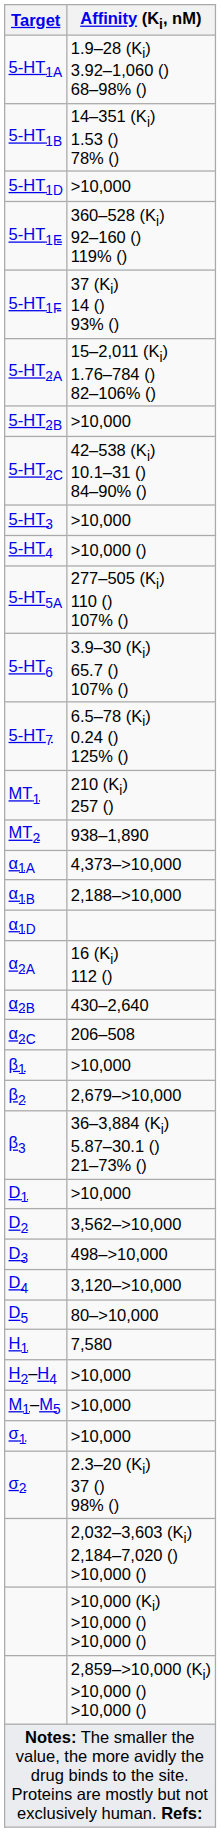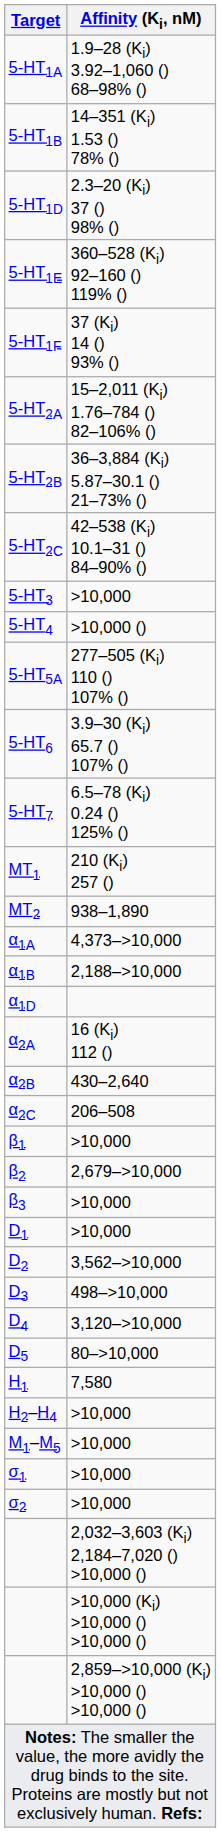 <table class="wikitable floatright" style="font-size:small;">
 <tr>
 <th><a href='#'>Target</a></th>
 <th><a href='#'>Affinity</a> (K<sub>i</sub>, nM)</th>
 </tr>
 <tr>
 <td><a href='#'>5-HT<sub>1A</sub></a></td>
 <td>1.9–28 (K<sub>i</sub>)<br>3.92–1,060 ()<br>68–98% ()</td>
 </tr>
 <tr>
 <td><a href='#'>5-HT<sub>1B</sub></a></td>
 <td>14–351 (K<sub>i</sub>)<br>1.53 ()<br>78% ()</td>
 </tr>
 <tr>
 <td><a href='#'>5-HT<sub>1D</sub></a></td>
-<td>>10,000</td>
+<td>2.3–20 (K<sub>i</sub>)<br>37 ()<br>98% ()</td>
 </tr>
 <tr>
 <td><a href='#'>5-HT<sub>1E</sub></a></td>
 <td>360–528 (K<sub>i</sub>)<br>92–160 ()<br>119% ()</td>
 </tr>
 <tr>
 <td><a href='#'>5-HT<sub>1F</sub></a></td>
 <td>37 (K<sub>i</sub>)<br>14 ()<br>93% ()</td>
 </tr>
 <tr>
 <td><a href='#'>5-HT<sub>2A</sub></a></td>
 <td>15–2,011 (K<sub>i</sub>)<br>1.76–784 ()<br>82–106% ()</td>
 </tr>
 <tr>
 <td><a href='#'>5-HT<sub>2B</sub></a></td>
-<td>>10,000</td>
+<td>36–3,884 (K<sub>i</sub>)<br>5.87–30.1 ()<br>21–73% ()</td>
 </tr>
 <tr>
 <td><a href='#'>5-HT<sub>2C</sub></a></td>
 <td>42–538 (K<sub>i</sub>)<br>10.1–31 ()<br>84–90% ()</td>
 </tr>
 <tr>
 <td><a href='#'>5-HT<sub>3</sub></a></td>
 <td>>10,000</td>
 </tr>
 <tr>
 <td><a href='#'>5-HT<sub>4</sub></a></td>
 <td>>10,000 ()</td>
 </tr>
 <tr>
 <td><a href='#'>5-HT<sub>5A</sub></a></td>
 <td>277–505 (K<sub>i</sub>)<br>110 ()<br>107% ()</td>
 </tr>
 <tr>
 <td><a href='#'>5-HT<sub>6</sub></a></td>
 <td>3.9–30 (K<sub>i</sub>)<br>65.7 ()<br>107% ()</td>
 </tr>
 <tr>
 <td><a href='#'>5-HT<sub>7</sub></a></td>
 <td>6.5–78 (K<sub>i</sub>)<br>0.24 ()<br>125% ()</td>
 </tr>
 <tr>
 <td><a href='#'>MT<sub>1</sub></a></td>
 <td>210 (K<sub>i</sub>)<br>257 ()</td>
 </tr>
 <tr>
 <td><a href='#'>MT<sub>2</sub></a></td>
 <td>938–1,890</td>
 </tr>
 <tr>
 <td><a href='#'>α<sub>1A</sub></a></td>
 <td>4,373–>10,000</td>
 </tr>
 <tr>
 <td><a href='#'>α<sub>1B</sub></a></td>
 <td>2,188–>10,000</td>
 </tr>
 <tr>
 <td><a href='#'>α<sub>1D</sub></a></td>
 <td></td>
 </tr>
 <tr>
 <td><a href='#'>α<sub>2A</sub></a></td>
 <td>16 (K<sub>i</sub>)<br> 112 ()</td>
 </tr>
 <tr>
 <td><a href='#'>α<sub>2B</sub></a></td>
 <td>430–2,640</td>
 </tr>
 <tr>
 <td><a href='#'>α<sub>2C</sub></a></td>
 <td>206–508</td>
 </tr>
 <tr>
 <td><a href='#'>β<sub>1</sub></a></td>
 <td>>10,000</td>
 </tr>
 <tr>
 <td><a href='#'>β<sub>2</sub></a></td>
 <td>2,679–>10,000</td>
 </tr>
 <tr>
 <td><a href='#'>β<sub>3</sub></a></td>
-<td>36–3,884 (K<sub>i</sub>)<br>5.87–30.1 ()<br>21–73% ()</td>
+<td>>10,000</td>
 </tr>
 <tr>
 <td><a href='#'>D<sub>1</sub></a></td>
 <td>>10,000</td>
 </tr>
 <tr>
 <td><a href='#'>D<sub>2</sub></a></td>
 <td>3,562–>10,000</td>
 </tr>
 <tr>
 <td><a href='#'>D<sub>3</sub></a></td>
 <td>498–>10,000</td>
 </tr>
 <tr>
 <td><a href='#'>D<sub>4</sub></a></td>
 <td>3,120–>10,000</td>
 </tr>
 <tr>
 <td><a href='#'>D<sub>5</sub></a></td>
 <td>80–>10,000</td>
 </tr>
 <tr>
 <td><a href='#'>H<sub>1</sub></a></td>
 <td>7,580</td>
 </tr>
 <tr>
 <td><a href='#'>H<sub>2</sub></a>–<a href='#'>H<sub>4</sub></a></td>
 <td>>10,000</td>
 </tr>
 <tr>
 <td><a href='#'>M<sub>1</sub></a>–<a href='#'>M<sub>5</sub></a></td>
 <td>>10,000</td>
 </tr>
 <tr>
 <td><a href='#'>σ<sub>1</sub></a></td>
 <td>>10,000</td>
 </tr>
 <tr>
 <td><a href='#'>σ<sub>2</sub></a></td>
-<td>2.3–20 (K<sub>i</sub>)<br>37 ()<br>98% ()</td>
+<td>>10,000</td>
 </tr>
 <tr>
 <td></td>
 <td>2,032–3,603 (K<sub>i</sub>)<br>2,184–7,020 ()<br>>10,000 ()</td>
 </tr>
 <tr>
 <td></td>
 <td>>10,000 (K<sub>i</sub>)<br>>10,000 ()<br>>10,000 ()</td>
 </tr>
 <tr>
 <td></td>
 <td>2,859–>10,000 (K<sub>i</sub>)<br>>10,000 ()<br>>10,000 ()</td>
 </tr>
 <tr class="sortbottom">
 <td colspan="2" style="width: 1px; background-color:#eaecf0; text-align: center;"><strong>Notes:</strong> The smaller the value, the more avidly the drug binds to the site. Proteins are mostly but not exclusively human. <strong>Refs:</strong><wbr></td>
 </tr>
 </table>
